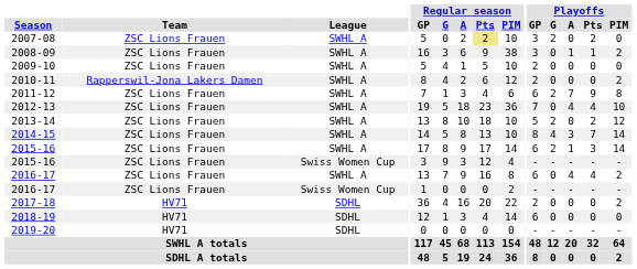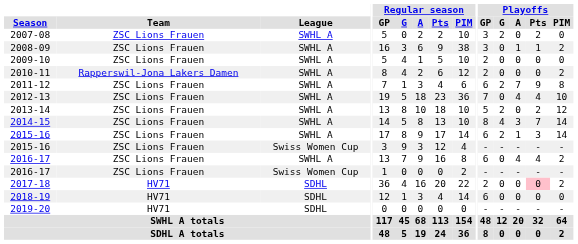 <table border="0" cellpadding="1" cellspacing="0" style="text-align:center; width:60em">
 <tr bgcolor="#e0e0e0">
 <th colspan="3" bgcolor="#ffffff"></th>
 <th rowspan="99" bgcolor="#ffffff"></th>
 <th colspan="5"><a href='#'>Regular season</a></th>
 <th rowspan="99" bgcolor="#ffffff"></th>
 <th colspan="5"><a href='#'>Playoffs</a></th>
 </tr>
 <tr bgcolor="#e0e0e0">
 <th><a href='#'>Season</a></th>
 <th>Team</th>
 <th>League</th>
 <th>GP</th>
 <th><a href='#'>G</a></th>
 <th><a href='#'>A</a></th>
 <th><a href='#'>Pts</a></th>
 <th><a href='#'>PIM</a></th>
 <th>GP</th>
 <th>G</th>
 <th>A</th>
 <th>Pts</th>
 <th>PIM</th>
 </tr>
 <tr>
 <td>2007-08</td>
 <td><a href='#'>ZSC Lions Frauen</a></td>
 <td><a href='#'>SWHL A</a></td>
 <td>5</td>
 <td>0</td>
 <td>2</td>
-<td style="background: khaki;">2</td>
+<td>2</td>
 <td>10</td>
 <td>3</td>
 <td>2</td>
 <td>0</td>
 <td>2</td>
 <td>0</td>
 </tr>
 <tr bgcolor="#f0f0f0">
 <td>2008-09</td>
 <td>ZSC Lions Frauen</td>
 <td>SWHL A</td>
 <td>16</td>
 <td>3</td>
 <td>6</td>
 <td>9</td>
 <td>38</td>
 <td>3</td>
 <td>0</td>
 <td>1</td>
 <td>1</td>
 <td>2</td>
 </tr>
 <tr>
 <td>2009-10</td>
 <td>ZSC Lions Frauen</td>
 <td>SWHL A</td>
 <td>5</td>
 <td>4</td>
 <td>1</td>
 <td>5</td>
 <td>10</td>
 <td>2</td>
 <td>0</td>
 <td>0</td>
 <td>0</td>
 <td>0</td>
 </tr>
 <tr bgcolor="#f0f0f0">
 <td>2010-11</td>
 <td><a href='#'>Rapperswil-Jona Lakers Damen</a></td>
 <td>SWHL A</td>
 <td>8</td>
 <td>4</td>
 <td>2</td>
 <td>6</td>
 <td>12</td>
 <td>2</td>
 <td>0</td>
 <td>0</td>
 <td>0</td>
 <td>2</td>
 </tr>
 <tr>
 <td>2011-12</td>
 <td>ZSC Lions Frauen</td>
 <td>SWHL A</td>
 <td>7</td>
 <td>1</td>
 <td>3</td>
 <td>4</td>
 <td>6</td>
 <td>6</td>
 <td>2</td>
 <td>7</td>
 <td>9</td>
 <td>8</td>
 </tr>
 <tr bgcolor="#f0f0f0">
 <td>2012-13</td>
 <td>ZSC Lions Frauen</td>
 <td>SWHL A</td>
 <td>19</td>
 <td>5</td>
 <td>18</td>
 <td>23</td>
 <td>36</td>
 <td>7</td>
 <td>0</td>
 <td>4</td>
 <td>4</td>
 <td>10</td>
 </tr>
 <tr>
 <td>2013-14</td>
 <td>ZSC Lions Frauen</td>
 <td>SWHL A</td>
 <td>13</td>
 <td>8</td>
 <td>10</td>
 <td>18</td>
 <td>10</td>
 <td>5</td>
 <td>2</td>
 <td>0</td>
 <td>2</td>
 <td>12</td>
 </tr>
 <tr bgcolor="#f0f0f0">
 <td><a href='#'>2014-15</a></td>
 <td>ZSC Lions Frauen</td>
 <td>SWHL A</td>
 <td>14</td>
 <td>5</td>
 <td>8</td>
 <td>13</td>
 <td>10</td>
 <td>8</td>
 <td>4</td>
 <td>3</td>
 <td>7</td>
 <td>14</td>
 </tr>
 <tr>
 <td><a href='#'>2015-16</a></td>
 <td>ZSC Lions Frauen</td>
 <td>SWHL A</td>
 <td>17</td>
 <td>8</td>
 <td>9</td>
 <td>17</td>
 <td>14</td>
 <td>6</td>
 <td>2</td>
 <td>1</td>
 <td>3</td>
 <td>14</td>
 </tr>
 <tr bgcolor="#f0f0f0">
 <td>2015-16</td>
 <td>ZSC Lions Frauen</td>
 <td>Swiss Women Cup</td>
 <td>3</td>
 <td>9</td>
 <td>3</td>
 <td>12</td>
 <td>4</td>
 <td>-</td>
 <td>-</td>
 <td>-</td>
 <td>-</td>
 <td>-</td>
 </tr>
 <tr>
 <td><a href='#'>2016-17</a></td>
 <td>ZSC Lions Frauen</td>
 <td>SWHL A</td>
 <td>13</td>
 <td>7</td>
 <td>9</td>
 <td>16</td>
 <td>8</td>
 <td>6</td>
 <td>0</td>
 <td>4</td>
 <td>4</td>
 <td>2</td>
 </tr>
 <tr bgcolor="#f0f0f0">
 <td>2016-17</td>
 <td>ZSC Lions Frauen</td>
 <td>Swiss Women Cup</td>
 <td>1</td>
 <td>0</td>
 <td>0</td>
 <td>0</td>
 <td>2</td>
 <td>-</td>
 <td>-</td>
 <td>-</td>
 <td>-</td>
 <td>-</td>
 </tr>
 <tr>
 <td><a href='#'>2017-18</a></td>
 <td><a href='#'>HV71</a></td>
 <td><a href='#'>SDHL</a></td>
 <td>36</td>
 <td>4</td>
 <td>16</td>
 <td>20</td>
 <td>22</td>
 <td>2</td>
 <td>0</td>
 <td>0</td>
-<td>0</td>
+<td style="background: pink;">0</td>
 <td>2</td>
 </tr>
 <tr bgcolor="#f0f0f0">
 <td><a href='#'>2018-19</a></td>
 <td>HV71</td>
 <td>SDHL</td>
 <td>12</td>
 <td>1</td>
 <td>3</td>
 <td>4</td>
 <td>14</td>
 <td>6</td>
 <td>0</td>
 <td>0</td>
 <td>0</td>
 <td>0</td>
 </tr>
 <tr>
 <td><a href='#'>2019-20</a></td>
 <td>HV71</td>
 <td>SDHL</td>
 <td>0</td>
 <td>0</td>
 <td>0</td>
 <td>0</td>
 <td>0</td>
 <td>-</td>
 <td>-</td>
 <td>-</td>
 <td>-</td>
 <td>-</td>
 </tr>
 <tr bgcolor="#e0e0e0">
 <th colspan="3">SWHL A totals</th>
 <th>117</th>
 <th>45</th>
 <th>68</th>
 <th>113</th>
 <th>154</th>
 <th>48</th>
 <th>12</th>
 <th>20</th>
 <th>32</th>
 <th>64</th>
 </tr>
 <tr bgcolor="#e0e0e0">
 <th colspan="3">SDHL A totals</th>
 <th>48</th>
 <th>5</th>
 <th>19</th>
 <th>24</th>
 <th>36</th>
 <th>8</th>
 <th>0</th>
 <th>0</th>
 <th>0</th>
 <th>2</th>
 </tr>
 </table>
